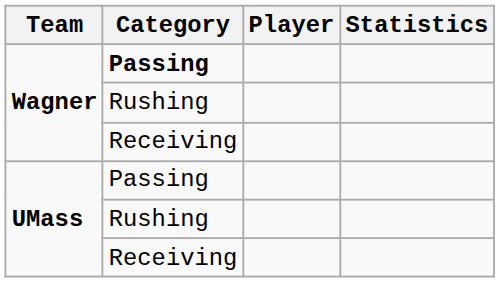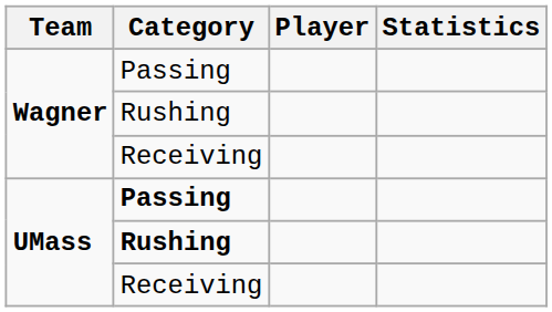 <table class="wikitable" style="float: right;">
 <tr>
 <th>Team</th>
 <th>Category</th>
 <th>Player</th>
 <th>Statistics</th>
 </tr>
 <tr>
 <td rowspan=3><strong>Wagner</strong></td>
-<td><strong>Passing</strong></td>
+<td>Passing</td>
 <td></td>
 <td></td>
 </tr>
 <tr>
 <td>Rushing</td>
 <td></td>
 <td></td>
 </tr>
 <tr>
 <td>Receiving</td>
 <td></td>
 <td></td>
 </tr>
 <tr>
 <td rowspan=3><strong>UMass</strong></td>
-<td>Passing</td>
+<td><strong>Passing</strong></td>
 <td></td>
 <td></td>
 </tr>
 <tr>
-<td>Rushing</td>
+<td><strong>Rushing</strong></td>
 <td></td>
 <td></td>
 </tr>
 <tr>
 <td>Receiving</td>
 <td></td>
 <td></td>
 </tr>
 </table>
